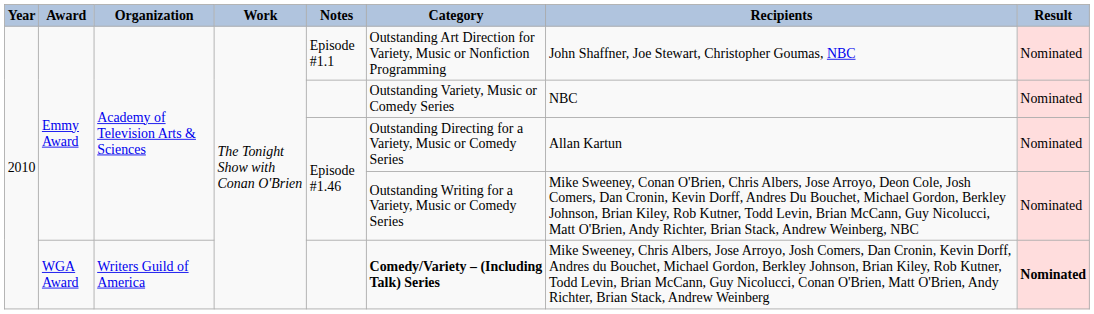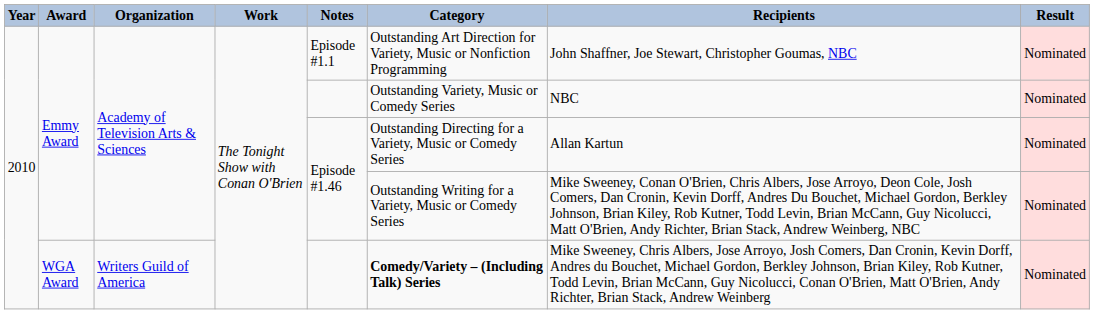 <table class="wikitable">
 <tr align="center">
 <th style="background:#B0C4DE;">Year</th>
 <th style="background:#B0C4DE;">Award</th>
 <th style="background:#B0C4DE;">Organization</th>
 <th style="background:#B0C4DE;">Work</th>
 <th style="background:#B0C4DE;">Notes</th>
 <th style="background:#B0C4DE;">Category</th>
 <th style="background:#B0C4DE;">Recipients</th>
 <th style="background:#B0C4DE;">Result</th>
 </tr>
 <tr>
 <td rowspan="5">2010</td>
 <td rowspan="4"><a href='#'>Emmy Award</a></td>
 <td rowspan="4"><a href='#'>Academy of Television Arts & Sciences</a></td>
 <td rowspan="5"><em>The Tonight Show with Conan O'Brien</em></td>
 <td>Episode #1.1</td>
 <td>Outstanding Art Direction for Variety, Music or Nonfiction Programming</td>
 <td>John Shaffner, Joe Stewart, Christopher Goumas, <a href='#'>NBC</a></td>
 <td style="background: #ffdddd">Nominated</td>
 </tr>
 <tr>
 <td></td>
 <td>Outstanding Variety, Music or Comedy Series</td>
 <td>NBC</td>
 <td style="background: #ffdddd">Nominated</td>
 </tr>
 <tr>
 <td rowspan="2">Episode #1.46</td>
 <td>Outstanding Directing for a Variety, Music or Comedy Series</td>
 <td>Allan Kartun</td>
 <td style="background: #ffdddd">Nominated</td>
 </tr>
 <tr>
 <td>Outstanding Writing for a Variety, Music or Comedy Series</td>
 <td>Mike Sweeney, Conan O'Brien, Chris Albers, Jose Arroyo, Deon Cole, Josh Comers, Dan Cronin, Kevin Dorff, Andres Du Bouchet, Michael Gordon, Berkley Johnson, Brian Kiley, Rob Kutner, Todd Levin, Brian McCann, Guy Nicolucci, Matt O'Brien, Andy Richter, Brian Stack, Andrew Weinberg, NBC</td>
 <td style="background: #ffdddd">Nominated</td>
 </tr>
 <tr>
 <td><a href='#'>WGA Award</a></td>
 <td><a href='#'>Writers Guild of America</a></td>
 <td></td>
 <td><strong>Comedy/Variety – (Including Talk) Series</strong></td>
 <td>Mike Sweeney, Chris Albers, Jose Arroyo, Josh Comers, Dan Cronin, Kevin Dorff, Andres du Bouchet, Michael Gordon, Berkley Johnson, Brian Kiley, Rob Kutner, Todd Levin, Brian McCann, Guy Nicolucci, Conan O'Brien, Matt O'Brien, Andy Richter, Brian Stack, Andrew Weinberg</td>
-<td style="background: #ffdddd"><strong>Nominated</strong></td>
+<td style="background: #ffdddd">Nominated</td>
 </tr>
 </table>
